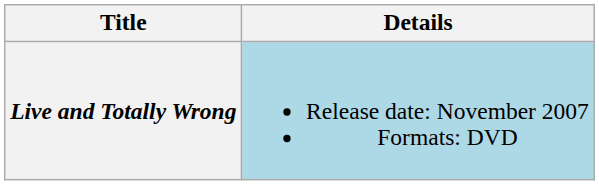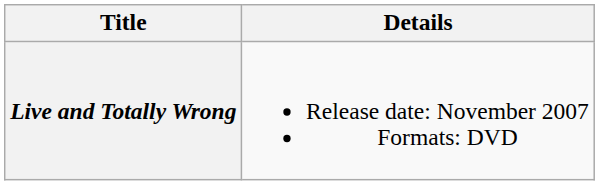 <table class="wikitable plainrowheaders" style="text-align:center;">
 <tr>
 <th>Title</th>
 <th>Details</th>
 </tr>
 <tr>
 <th scope="row"><em>Live and Totally Wrong</em></th>
-<td style="background: lightblue;"><br><ul><li>Release date: November 2007</li><li>Formats: DVD</li></ul></td>
+<td><br><ul><li>Release date: November 2007</li><li>Formats: DVD</li></ul></td>
 </tr>
 </table>
